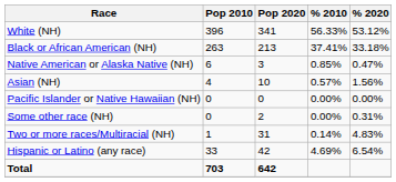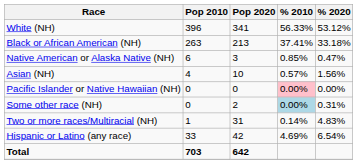 <table class="wikitable">
 <tr>
 <th>Race</th>
 <th>Pop 2010</th>
 <th>Pop 2020</th>
 <th>% 2010</th>
 <th>% 2020</th>
 </tr>
 <tr>
 <td><a href='#'>White</a> (NH)</td>
 <td>396</td>
 <td>341</td>
 <td>56.33%</td>
 <td>53.12%</td>
 </tr>
 <tr>
 <td><a href='#'>Black or African American</a> (NH)</td>
 <td>263</td>
 <td>213</td>
 <td>37.41%</td>
 <td>33.18%</td>
 </tr>
 <tr>
 <td><a href='#'>Native American</a> or <a href='#'>Alaska Native</a> (NH)</td>
 <td>6</td>
 <td>3</td>
 <td>0.85%</td>
 <td>0.47%</td>
 </tr>
 <tr>
 <td><a href='#'>Asian</a> (NH)</td>
 <td>4</td>
 <td>10</td>
 <td>0.57%</td>
 <td>1.56%</td>
 </tr>
 <tr>
 <td><a href='#'>Pacific Islander</a> or <a href='#'>Native Hawaiian</a> (NH)</td>
 <td>0</td>
 <td>0</td>
-<td>0.00%</td>
+<td style="background: pink;">0.00%</td>
 <td>0.00%</td>
 </tr>
 <tr>
 <td><a href='#'>Some other race</a> (NH)</td>
 <td>0</td>
 <td>2</td>
-<td>0.00%</td>
+<td style="background: lightblue;">0.00%</td>
 <td>0.31%</td>
 </tr>
 <tr>
 <td><a href='#'>Two or more races/Multiracial</a> (NH)</td>
 <td>1</td>
 <td>31</td>
 <td>0.14%</td>
 <td>4.83%</td>
 </tr>
 <tr>
 <td><a href='#'>Hispanic or Latino</a> (any race)</td>
 <td>33</td>
 <td>42</td>
 <td>4.69%</td>
 <td>6.54%</td>
 </tr>
 <tr>
 <td><strong>Total</strong></td>
 <td><strong>703</strong></td>
 <td><strong>642</strong></td>
 <td></td>
 <td></td>
 </tr>
 <tr>
 </tr>
 </table>
